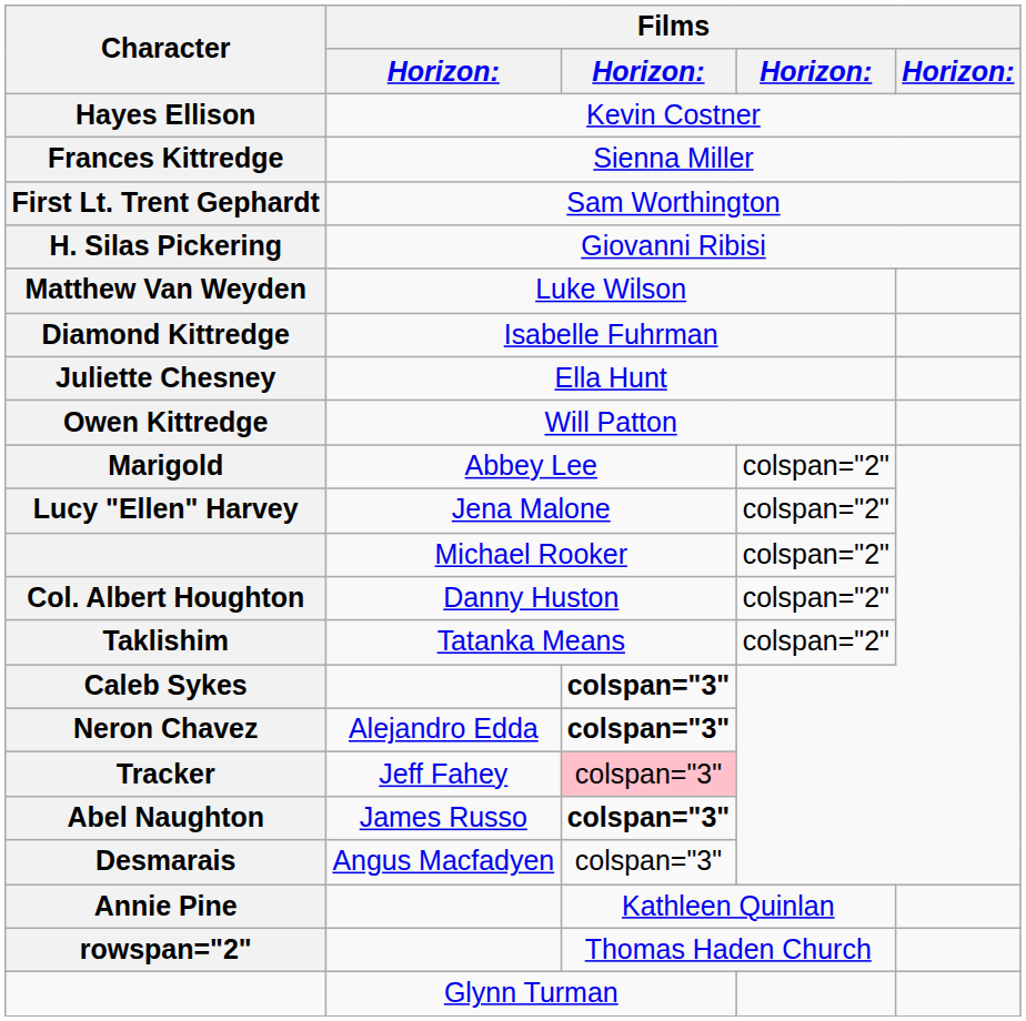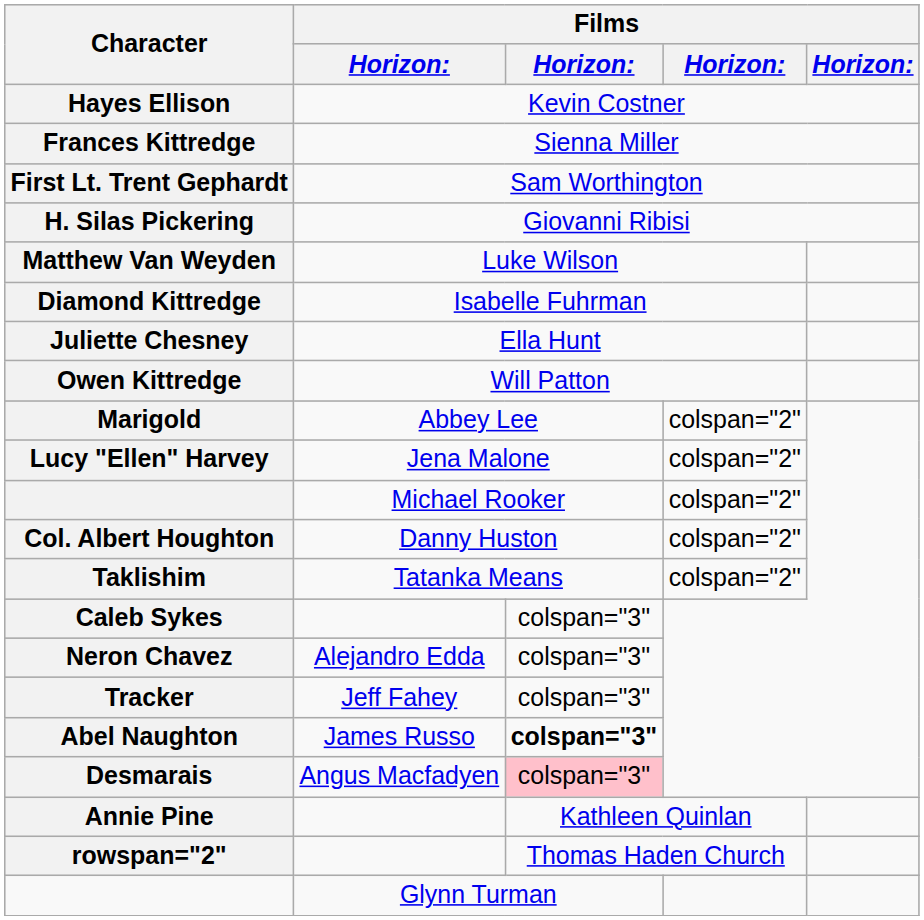 <table class="wikitable" style="text-align: center;">
 <tr>
 <th rowspan="2">Character</th>
 <th colspan="4">Films</th>
 </tr>
 <tr>
 <th><a href='#'><em>Horizon: <br></em></a></th>
 <th><a href='#'><em>Horizon: <br></em></a></th>
 <th><a href='#'><em>Horizon: <br></em></a></th>
 <th><a href='#'><em>Horizon: <br></em></a></th>
 </tr>
 <tr>
 <th>Hayes Ellison</th>
 <td colspan="4"><a href='#'>Kevin Costner</a></td>
 </tr>
 <tr>
 <th>Frances Kittredge</th>
 <td colspan="4"><a href='#'>Sienna Miller</a></td>
 </tr>
 <tr>
 <th>First Lt. Trent Gephardt</th>
 <td colspan="4"><a href='#'>Sam Worthington</a></td>
 </tr>
 <tr>
 <th>H. Silas Pickering</th>
 <td colspan="4"><a href='#'>Giovanni Ribisi</a></td>
 </tr>
 <tr>
 <th>Matthew Van Weyden</th>
 <td colspan="3"><a href='#'>Luke Wilson</a></td>
 <td></td>
 </tr>
 <tr>
 <th>Diamond Kittredge</th>
 <td colspan="3"><a href='#'>Isabelle Fuhrman</a></td>
 <td></td>
 </tr>
 <tr>
 <th>Juliette Chesney</th>
 <td colspan="3"><a href='#'>Ella Hunt</a></td>
 <td></td>
 </tr>
 <tr>
 <th>Owen Kittredge</th>
 <td colspan="3"><a href='#'>Will Patton</a></td>
 <td></td>
 </tr>
 <tr>
 <th>Marigold</th>
 <td colspan="2"><a href='#'>Abbey Lee</a></td>
 <td>colspan="2" </td>
 </tr>
 <tr>
 <th>Lucy "Ellen" Harvey</th>
 <td colspan="2"><a href='#'>Jena Malone</a></td>
 <td>colspan="2" </td>
 </tr>
 <tr>
 <th></th>
 <td colspan="2"><a href='#'>Michael Rooker</a></td>
 <td>colspan="2" </td>
 </tr>
 <tr>
 <th>Col. Albert Houghton</th>
 <td colspan="2"><a href='#'>Danny Huston</a></td>
 <td>colspan="2" </td>
 </tr>
 <tr>
 <th>Taklishim</th>
 <td colspan="2"><a href='#'>Tatanka Means</a></td>
 <td>colspan="2" </td>
 </tr>
 <tr>
 <th>Caleb Sykes</th>
 <td></td>
-<td><strong>colspan="3" </strong></td>
+<td>colspan="3" </td>
 </tr>
 <tr>
 <th>Neron Chavez</th>
 <td><a href='#'>Alejandro Edda</a></td>
-<td><strong>colspan="3" </strong></td>
+<td>colspan="3" </td>
 </tr>
 <tr>
 <th>Tracker</th>
 <td><a href='#'>Jeff Fahey</a></td>
-<td style="background: pink;">colspan="3" </td>
+<td>colspan="3" </td>
 </tr>
 <tr>
 <th>Abel Naughton</th>
 <td><a href='#'>James Russo</a></td>
 <td><strong>colspan="3" </strong></td>
 </tr>
 <tr>
 <th>Desmarais</th>
 <td><a href='#'>Angus Macfadyen</a></td>
-<td>colspan="3" </td>
+<td style="background: pink;">colspan="3" </td>
 </tr>
 <tr>
 <th>Annie Pine</th>
 <td></td>
 <td colspan="2"><a href='#'>Kathleen Quinlan</a></td>
 <td></td>
 </tr>
 <tr>
 <th>rowspan="2" </th>
 <td></td>
 <td colspan="2"><a href='#'>Thomas Haden Church</a></td>
 <td></td>
 </tr>
 <tr>
 <td></td>
 <td colspan="2"><a href='#'>Glynn Turman</a></td>
 <td></td>
 </tr>
 <tr>
 </tr>
 </table>
